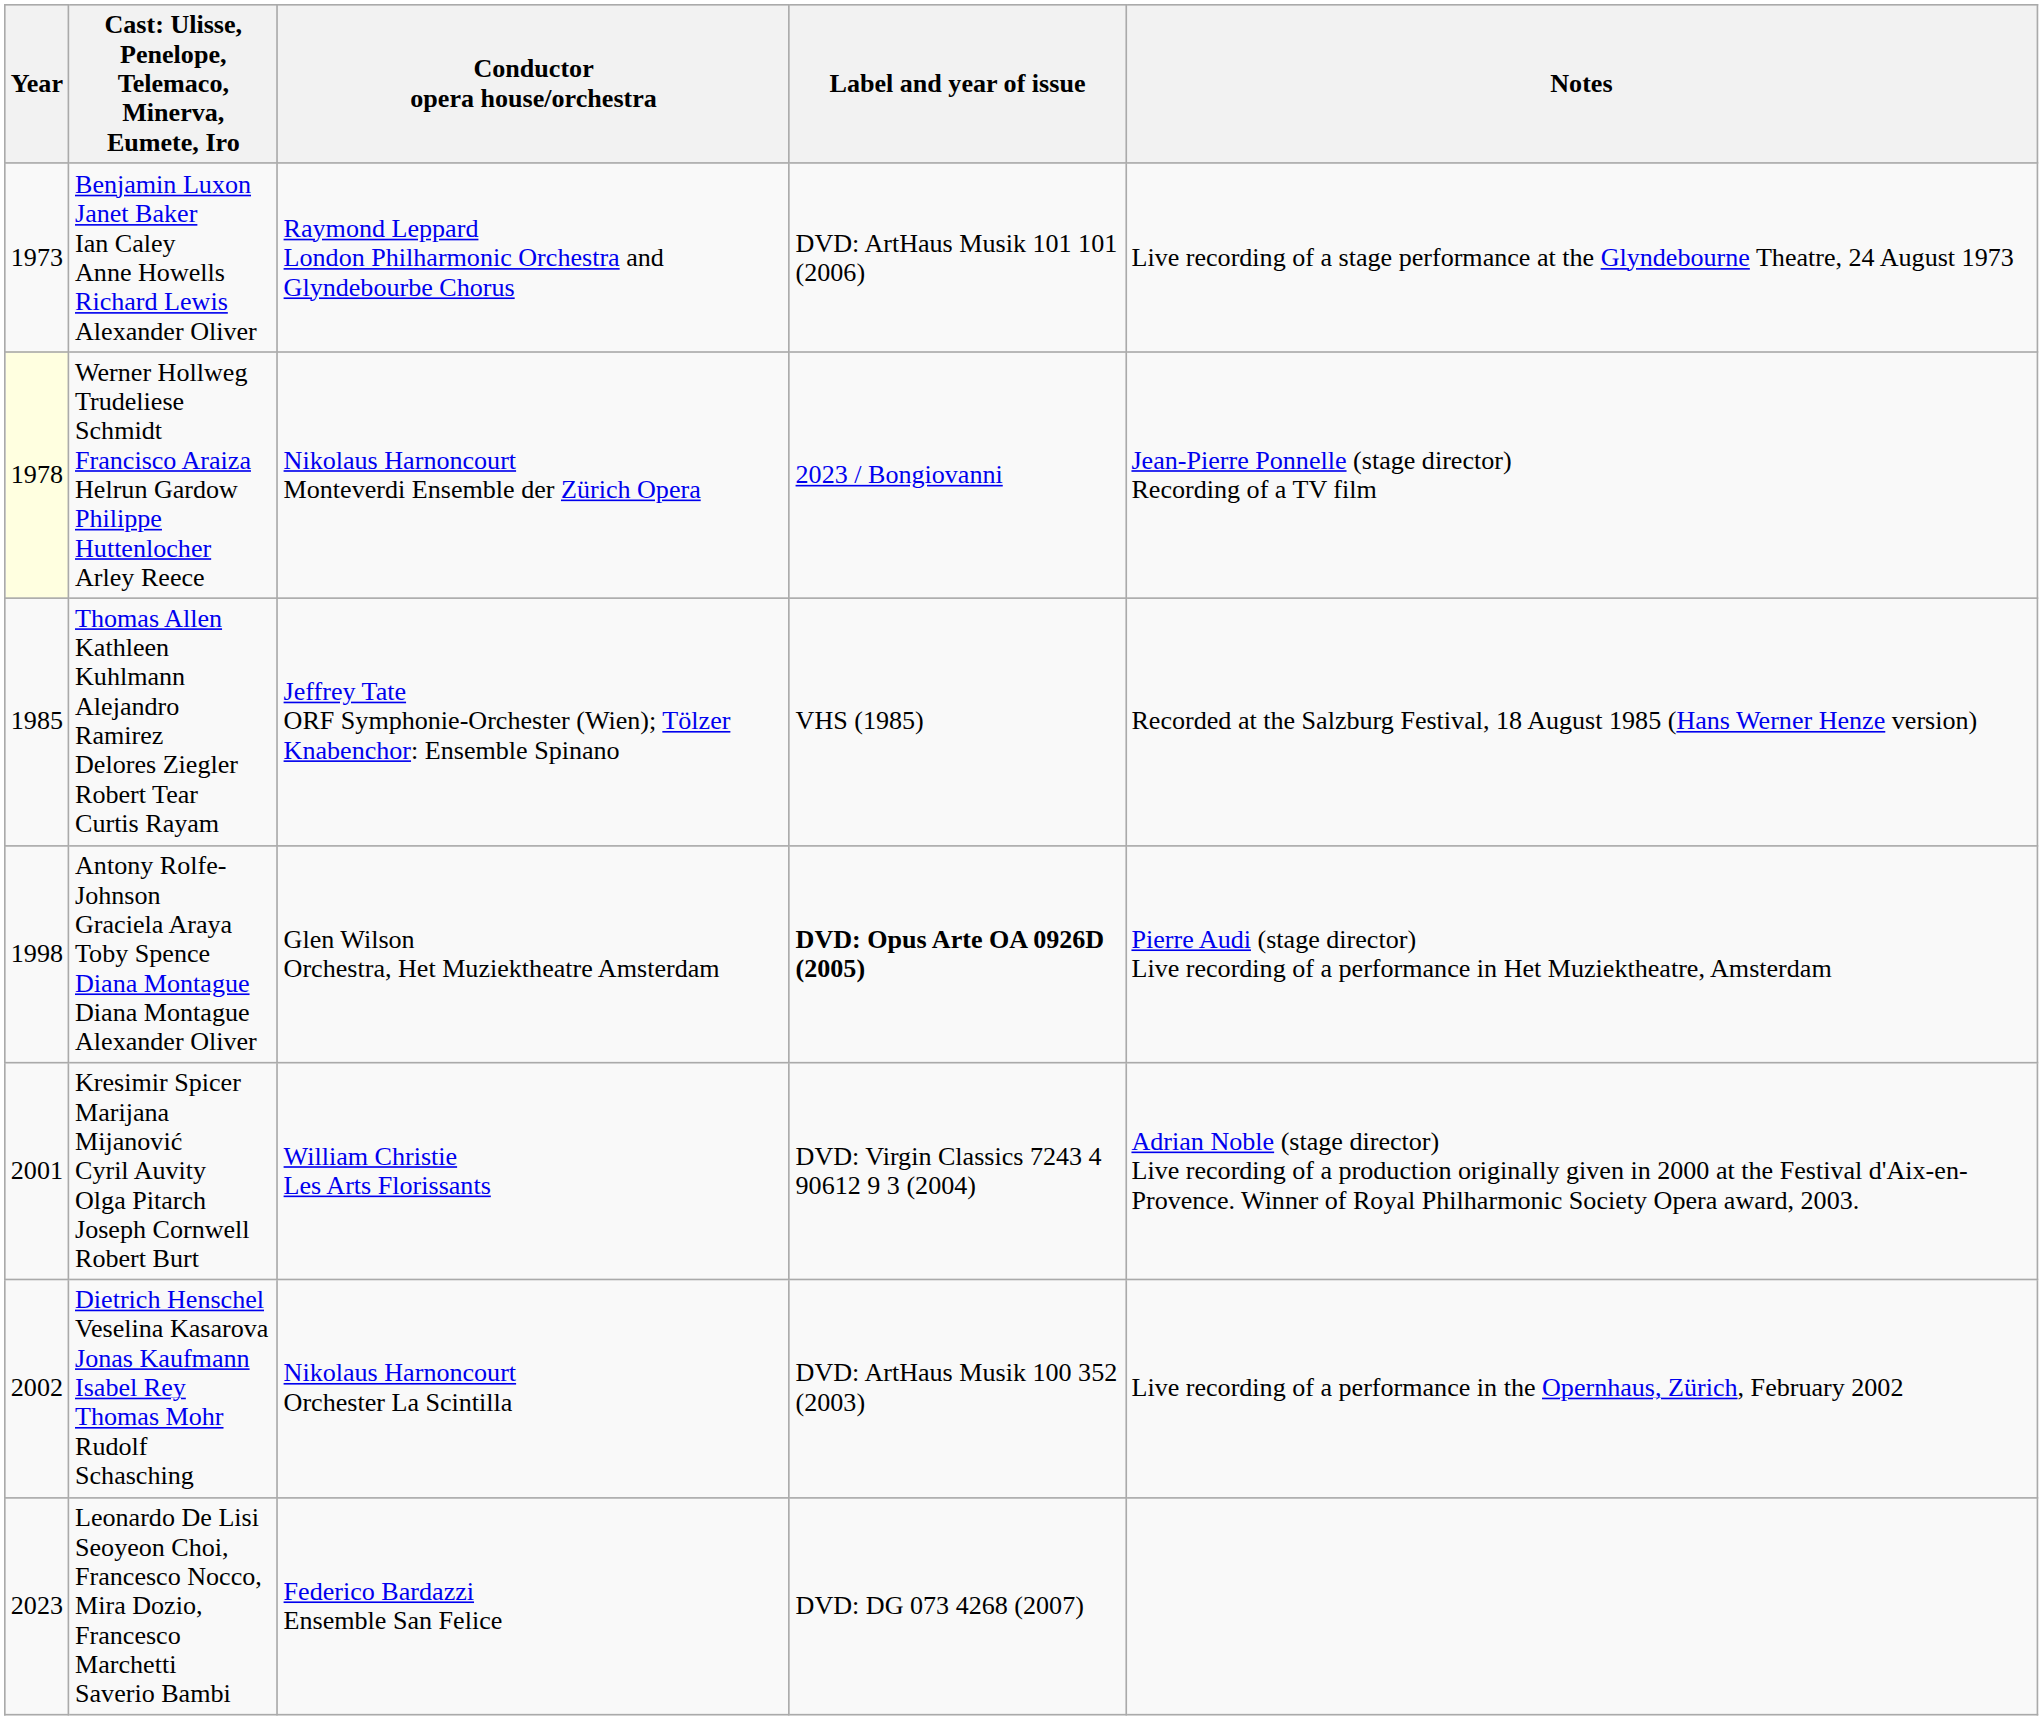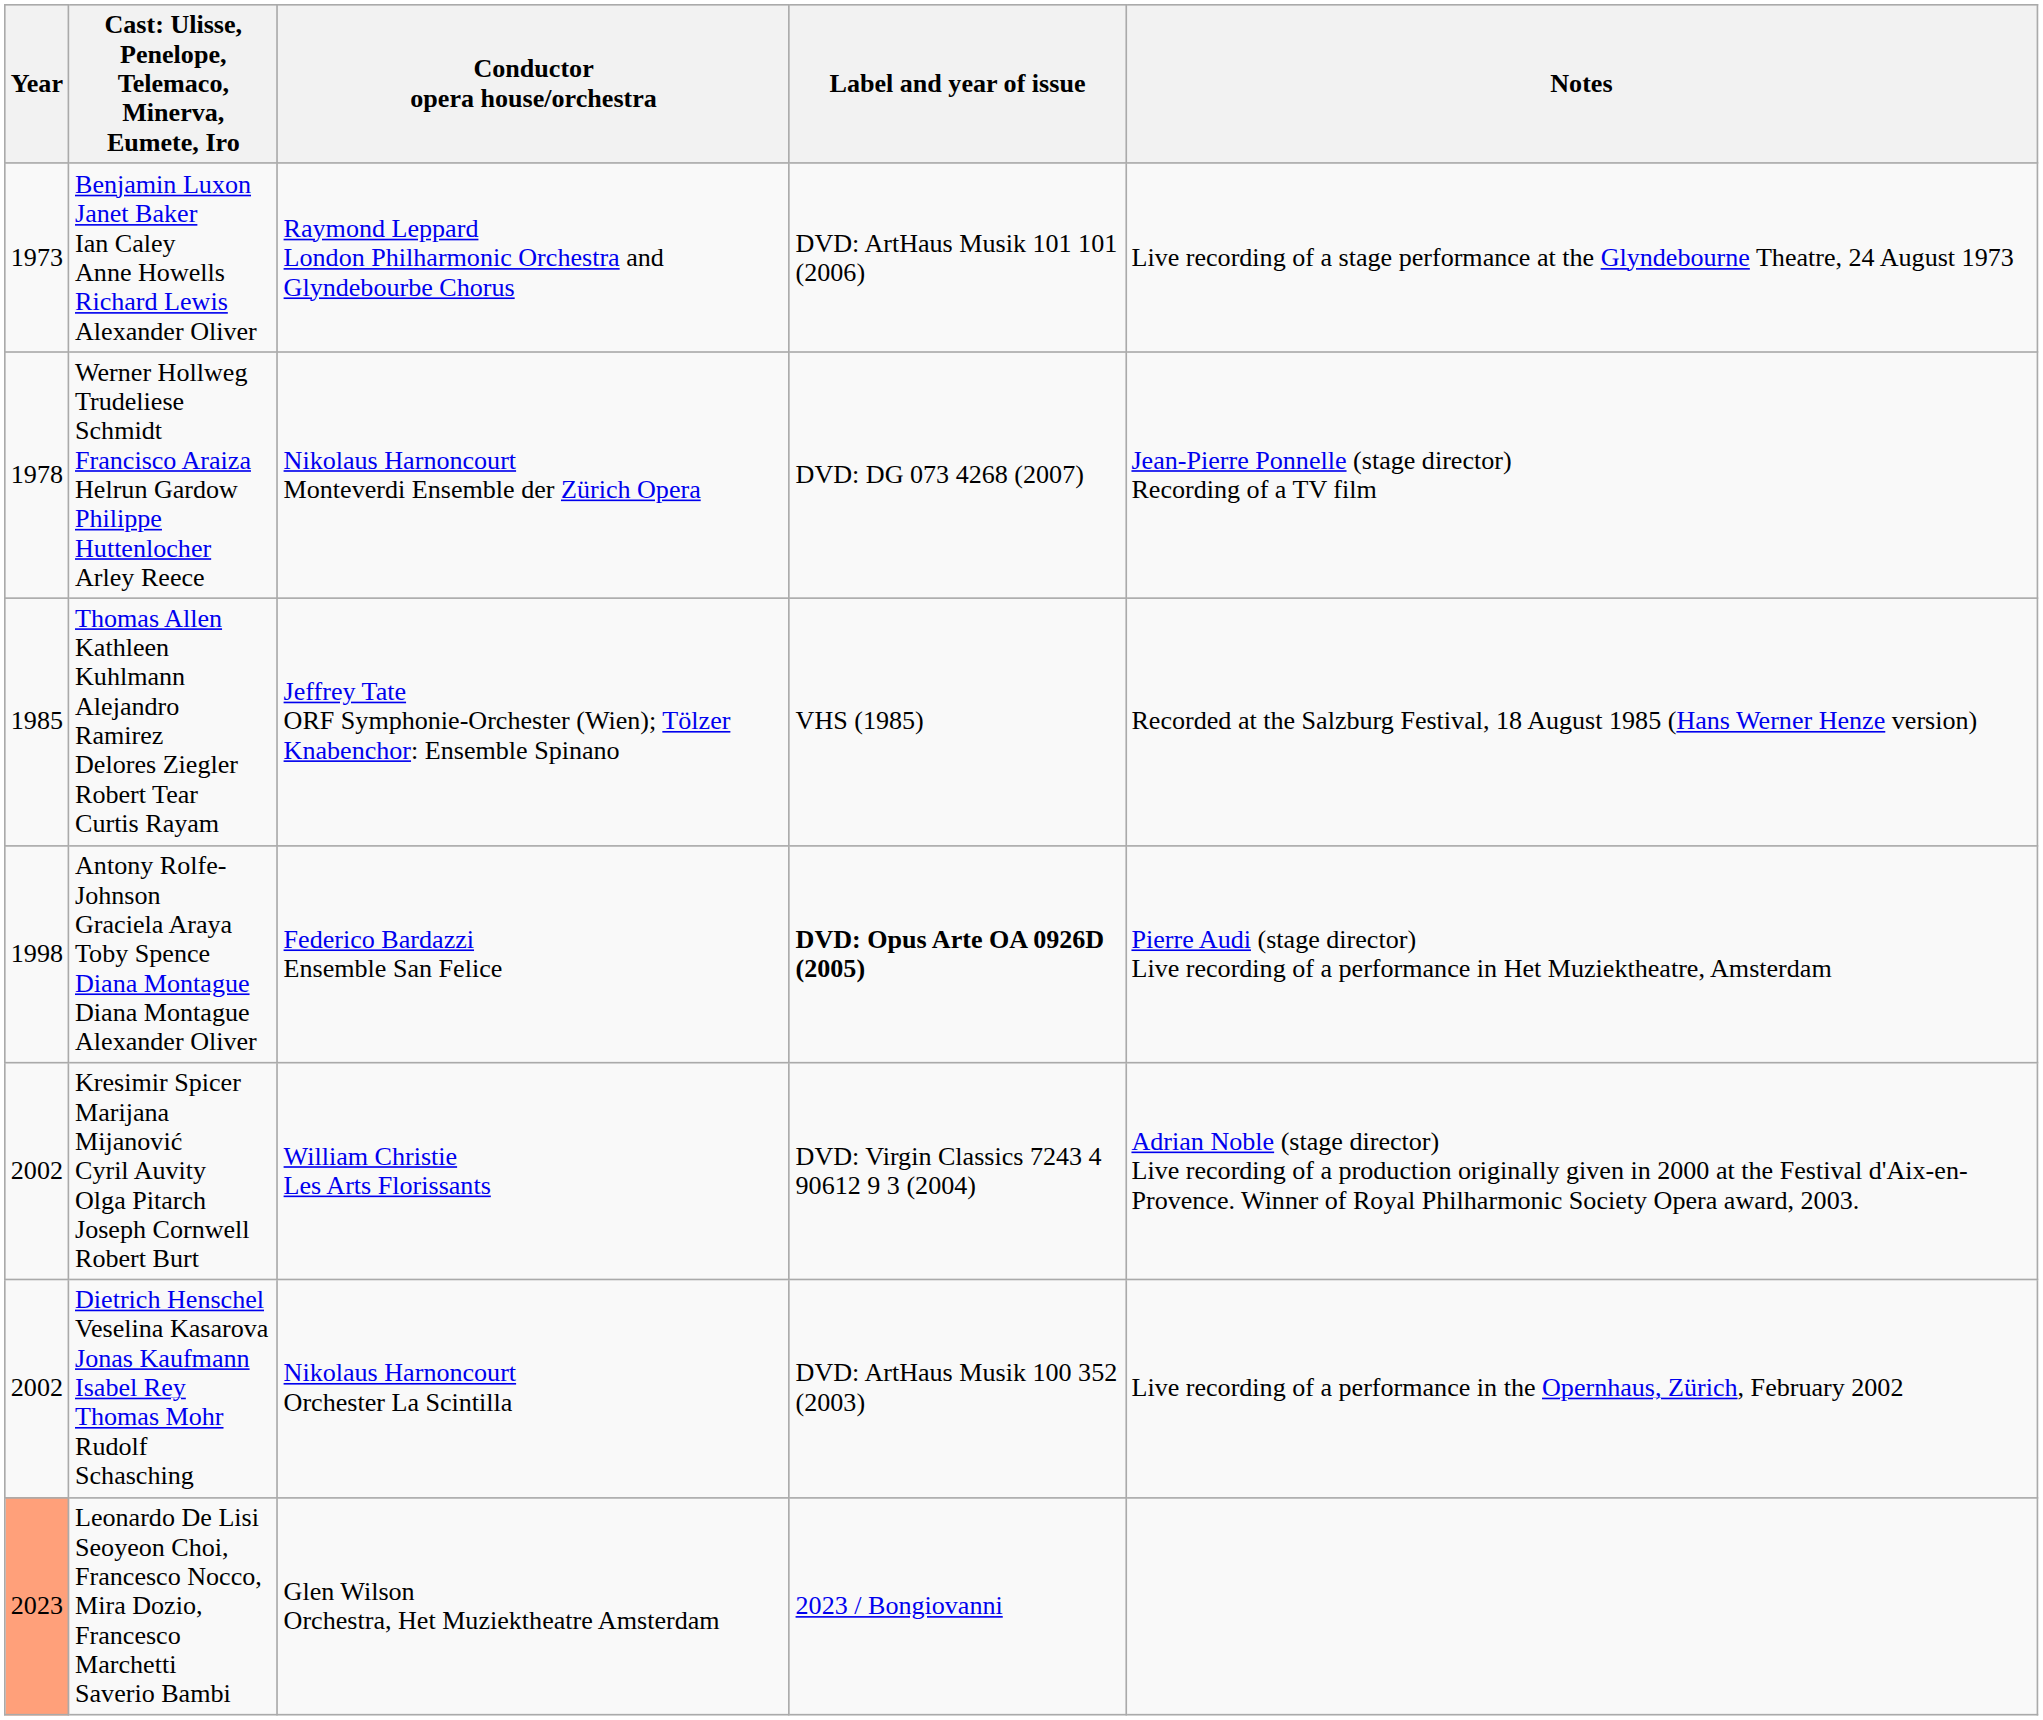 <table class= "wikitable">
 <tr>
 <th>Year</th>
 <th>Cast: Ulisse, Penelope,<br>Telemaco, Minerva,<br>Eumete, Iro</th>
 <th>Conductor<br>opera house/orchestra</th>
 <th>Label and year of issue</th>
 <th>Notes</th>
 </tr>
 <tr>
 <td align= "center">1973</td>
 <td><a href='#'>Benjamin Luxon</a><br><a href='#'>Janet Baker</a><br>Ian Caley<br>Anne Howells<br><a href='#'>Richard Lewis</a><br>Alexander Oliver</td>
 <td><a href='#'>Raymond Leppard</a><br><a href='#'>London Philharmonic Orchestra</a> and <a href='#'>Glyndebourbe Chorus</a></td>
 <td>DVD: ArtHaus Musik 101 101 (2006)</td>
 <td>Live recording of a stage performance at the <a href='#'>Glyndebourne</a> Theatre, 24 August 1973</td>
 </tr>
 <tr>
-<td align= "center" style="background: lightyellow;">1978</td>
+<td align= "center">1978</td>
 <td>Werner Hollweg<br>Trudeliese Schmidt<br><a href='#'>Francisco Araiza</a><br>Helrun Gardow<br><a href='#'>Philippe Huttenlocher</a><br>Arley Reece</td>
 <td><a href='#'>Nikolaus Harnoncourt</a><br>Monteverdi Ensemble der <a href='#'>Zürich Opera</a></td>
-<td><a href='#'>2023 / Bongiovanni</a></td>
+<td>DVD: DG 073 4268 (2007)</td>
 <td><a href='#'>Jean-Pierre Ponnelle</a> (stage director)<br>Recording of a TV film</td>
 </tr>
 <tr>
 <td align= "center">1985</td>
 <td><a href='#'>Thomas Allen</a><br>Kathleen Kuhlmann<br>Alejandro Ramirez<br>Delores Ziegler<br>Robert Tear<br>Curtis Rayam</td>
 <td><a href='#'>Jeffrey Tate</a><br>ORF Symphonie-Orchester (Wien); <a href='#'>Tölzer Knabenchor</a>: Ensemble Spinano</td>
 <td>VHS (1985)</td>
 <td>Recorded at the Salzburg Festival, 18 August 1985 (<a href='#'>Hans Werner Henze</a> version)</td>
 </tr>
 <tr>
 <td align= "center">1998</td>
 <td>Antony Rolfe-Johnson<br>Graciela Araya<br>Toby Spence<br><a href='#'>Diana Montague</a><br>Diana Montague<br>Alexander Oliver</td>
-<td>Glen Wilson<br>Orchestra, Het Muziektheatre Amsterdam</td>
+<td><a href='#'>Federico Bardazzi</a><br>Ensemble San Felice</td>
 <td><strong>DVD: Opus Arte OA 0926D (2005)</strong></td>
 <td><a href='#'>Pierre Audi</a> (stage director)<br>Live recording of a performance in Het Muziektheatre, Amsterdam</td>
 </tr>
 <tr>
-<td align= "center">2001</td>
+<td align= "center">2002</td>
 <td>Kresimir Spicer<br>Marijana Mijanović<br>Cyril Auvity<br>Olga Pitarch<br>Joseph Cornwell<br>Robert Burt</td>
 <td><a href='#'>William Christie</a><br><a href='#'>Les Arts Florissants</a></td>
 <td>DVD: Virgin Classics 7243 4 90612 9 3 (2004)</td>
 <td><a href='#'>Adrian Noble</a> (stage director)<br>Live recording of a production originally given in 2000 at the Festival d'Aix-en-Provence. Winner of Royal Philharmonic Society Opera award, 2003.</td>
 </tr>
 <tr>
 <td align= "center">2002</td>
 <td><a href='#'>Dietrich Henschel</a><br>Veselina Kasarova<br><a href='#'>Jonas Kaufmann</a><br><a href='#'>Isabel Rey</a><br><a href='#'>Thomas Mohr</a><br>Rudolf Schasching</td>
 <td><a href='#'>Nikolaus Harnoncourt</a><br>Orchester La Scintilla</td>
 <td>DVD: ArtHaus Musik 100 352 (2003)</td>
 <td>Live recording of a performance in the <a href='#'>Opernhaus, Zürich</a>, February 2002</td>
 </tr>
 <tr>
-<td>2023</td>
+<td style="background: lightsalmon;">2023</td>
 <td>Leonardo De Lisi<br>Seoyeon Choi,<br>Francesco Nocco,<br>Mira Dozio,<br>Francesco Marchetti<br>Saverio Bambi</td>
-<td><a href='#'>Federico Bardazzi</a><br>Ensemble San Felice</td>
-<td>DVD: DG 073 4268 (2007)</td>
+<td>Glen Wilson<br>Orchestra, Het Muziektheatre Amsterdam</td>
+<td><a href='#'>2023 / Bongiovanni</a></td>
 <td></td>
 </tr>
 </table>
